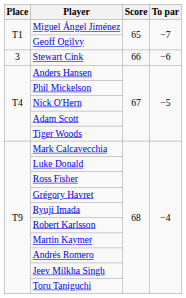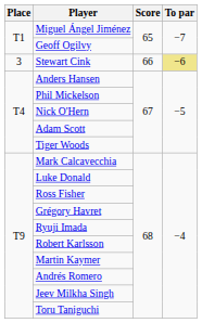 <table class="wikitable">
 <tr>
 <th>Place</th>
 <th>Player</th>
 <th>Score</th>
 <th>To par</th>
 </tr>
 <tr>
 <td rowspan="2" align=center>T1</td>
 <td> <a href='#'>Miguel Ángel Jiménez</a></td>
 <td rowspan="2" align=center>65</td>
 <td rowspan="2" align=center>−7</td>
 </tr>
 <tr>
 <td> <a href='#'>Geoff Ogilvy</a></td>
 </tr>
 <tr>
 <td align=center>3</td>
 <td> <a href='#'>Stewart Cink</a></td>
 <td align=center>66</td>
-<td align=center>−6</td>
+<td align=center style="background: khaki;">−6</td>
 </tr>
 <tr>
 <td rowspan="5" align=center>T4</td>
 <td> <a href='#'>Anders Hansen</a></td>
 <td rowspan="5" align=center>67</td>
 <td rowspan="5" align=center>−5</td>
 </tr>
 <tr>
 <td> <a href='#'>Phil Mickelson</a></td>
 </tr>
 <tr>
 <td> <a href='#'>Nick O'Hern</a></td>
 </tr>
 <tr>
 <td> <a href='#'>Adam Scott</a></td>
 </tr>
 <tr>
 <td> <a href='#'>Tiger Woods</a></td>
 </tr>
 <tr>
 <td rowspan="10" align=center>T9</td>
 <td> <a href='#'>Mark Calcavecchia</a></td>
 <td rowspan="10" align=center>68</td>
 <td rowspan="10" align=center>−4</td>
 </tr>
 <tr>
 <td> <a href='#'>Luke Donald</a></td>
 </tr>
 <tr>
 <td> <a href='#'>Ross Fisher</a></td>
 </tr>
 <tr>
 <td> <a href='#'>Grégory Havret</a></td>
 </tr>
 <tr>
 <td> <a href='#'>Ryuji Imada</a></td>
 </tr>
 <tr>
 <td> <a href='#'>Robert Karlsson</a></td>
 </tr>
 <tr>
 <td> <a href='#'>Martin Kaymer</a></td>
 </tr>
 <tr>
 <td> <a href='#'>Andrés Romero</a></td>
 </tr>
 <tr>
 <td> <a href='#'>Jeev Milkha Singh</a></td>
 </tr>
 <tr>
 <td> <a href='#'>Toru Taniguchi</a></td>
 </tr>
 </table>
